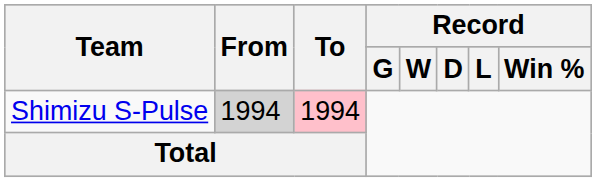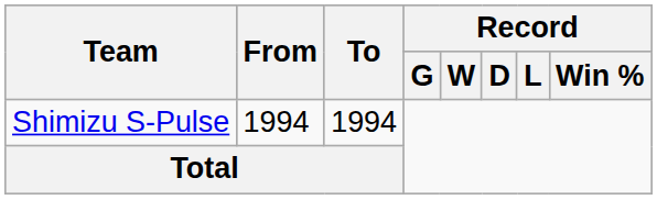 <table class="wikitable" style="text-align: center">
 <tr>
 <th rowspan="2">Team</th>
 <th rowspan="2">From</th>
 <th rowspan="2">To</th>
 <th colspan="5">Record</th>
 </tr>
 <tr>
 <th>G</th>
 <th>W</th>
 <th>D</th>
 <th>L</th>
 <th>Win %</th>
 </tr>
 <tr>
 <td align="left"><a href='#'>Shimizu S-Pulse</a></td>
-<td align="left" style="background: lightgrey;">1994</td>
-<td align="left" style="background: pink;">1994<br></td>
+<td align="left">1994</td>
+<td align="left">1994<br></td>
 </tr>
 <tr>
 <th colspan="3">Total<br></th>
 </tr>
 </table>
